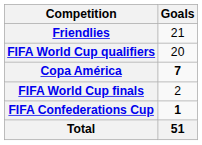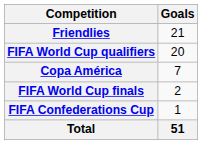 <table class="wikitable sortable plainrowheaders" style="text-align:center">
 <tr>
 <th scope=col>Competition</th>
 <th scope=col>Goals</th>
 </tr>
 <tr>
 <th scope=row><a href='#'>Friendlies</a></th>
 <td>21</td>
 </tr>
 <tr>
 <th scope=row><a href='#'>FIFA World Cup qualifiers</a></th>
 <td>20</td>
 </tr>
 <tr>
 <th scope=row><a href='#'>Copa América</a></th>
-<td><strong>7</strong></td>
+<td>7</td>
 </tr>
 <tr>
 <th scope=row><a href='#'>FIFA World Cup finals</a></th>
 <td>2</td>
 </tr>
 <tr>
 <th scope=row><a href='#'>FIFA Confederations Cup</a></th>
-<td><strong>1</strong></td>
+<td>1</td>
 </tr>
 <tr class=sortbottom>
 <th scope=row><strong>Total</strong></th>
 <th>51</th>
 </tr>
 </table>
